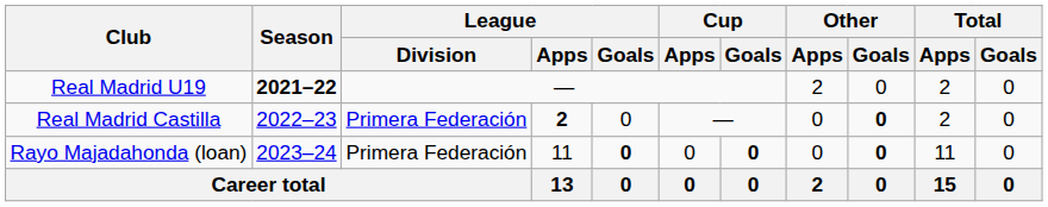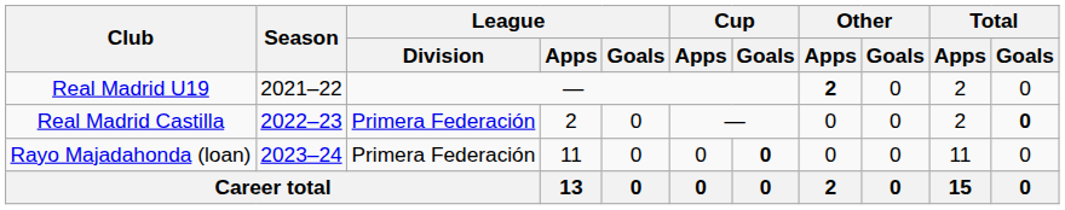 <table class=wikitable style=text-align:center>
 <tr>
 <th rowspan=2>Club</th>
 <th rowspan=2>Season</th>
 <th colspan=3>League</th>
 <th colspan=2>Cup</th>
 <th colspan=2>Other</th>
 <th colspan=2>Total</th>
 </tr>
 <tr>
 <th>Division</th>
 <th>Apps</th>
 <th>Goals</th>
 <th>Apps</th>
 <th>Goals</th>
 <th>Apps</th>
 <th>Goals</th>
 <th>Apps</th>
 <th>Goals</th>
 </tr>
 <tr>
 <td><a href='#'>Real Madrid U19</a></td>
-<td><strong>2021–22</strong></td>
+<td>2021–22</td>
 <td colspan="5">—</td>
-<td>2</td>
+<td><strong>2</strong></td>
 <td>0</td>
 <td>2</td>
 <td>0</td>
 </tr>
 <tr>
 <td><a href='#'>Real Madrid Castilla</a></td>
 <td><a href='#'>2022–23</a></td>
 <td><a href='#'>Primera Federación</a></td>
-<td><strong>2</strong></td>
+<td>2</td>
 <td>0</td>
 <td colspan="2">—</td>
 <td>0</td>
+<td>0</td>
+<td>2</td>
 <td><strong>0</strong></td>
-<td>2</td>
-<td>0</td>
 </tr>
 <tr>
 <td><a href='#'>Rayo Majadahonda</a> (loan)</td>
 <td><a href='#'>2023–24</a></td>
 <td>Primera Federación</td>
 <td>11</td>
-<td><strong>0</strong></td>
+<td>0</td>
 <td>0</td>
 <td><strong>0</strong></td>
 <td>0</td>
-<td><strong>0</strong></td>
+<td>0</td>
 <td>11</td>
 <td>0</td>
 </tr>
 <tr>
 <th colspan="3">Career total</th>
 <th>13</th>
 <th>0</th>
 <th>0</th>
 <th>0</th>
 <th>2</th>
 <th>0</th>
 <th>15</th>
 <th>0</th>
 </tr>
 </table>
